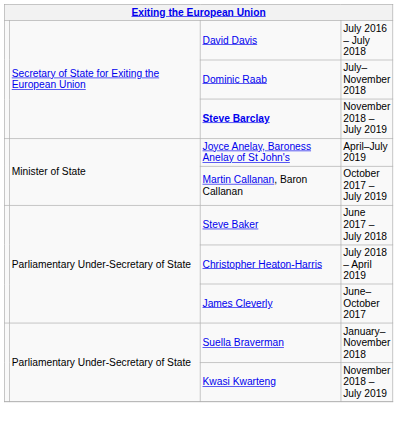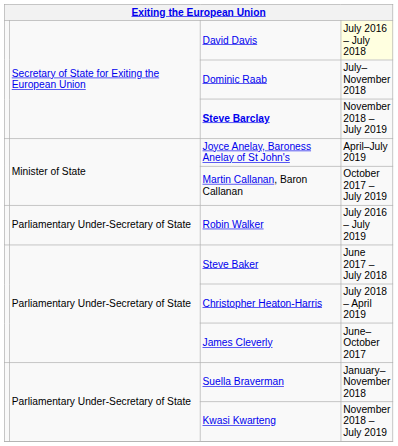 <table class="wikitable">
 <tr>
 <th colspan="4"><a href='#'>Exiting the European Union</a></th>
 </tr>
 <tr>
 <td rowspan="3" style="width: 1px; background: "></td>
 <td rowspan="3" style="width: 450px;"><a href='#'>Secretary of State for Exiting the European Union</a></td>
 <td style="width: 320px;"><a href='#'>David Davis</a></td>
-<td>July 2016 – July 2018</td>
+<td style="background: lightyellow;">July 2016 – July 2018</td>
 </tr>
 <tr>
 <td><a href='#'>Dominic Raab</a></td>
 <td>July–November 2018</td>
 </tr>
 <tr>
 <td><strong><a href='#'>Steve Barclay</a></strong></td>
 <td>November 2018 – July 2019</td>
 </tr>
 <tr>
 <td rowspan="2" style="width: 1px; background: "></td>
 <td rowspan="2">Minister of State</td>
 <td><a href='#'>Joyce Anelay, Baroness Anelay of St John's</a></td>
 <td>April–July 2019</td>
 </tr>
 <tr>
 <td><a href='#'>Martin Callanan</a>, Baron Callanan</td>
 <td>October 2017 – July 2019</td>
+</tr>
+<tr>
+<td style="width: 1px; background: "></td>
+<td>Parliamentary Under-Secretary of State</td>
+<td><a href='#'>Robin Walker</a></td>
+<td>July 2016 – July 2019</td>
 </tr>
 <tr>
 <td rowspan="3" style="width: 1px; background: "></td>
 <td rowspan="3">Parliamentary Under-Secretary of State</td>
 <td><a href='#'>Steve Baker</a></td>
 <td>June 2017 – July 2018</td>
 </tr>
 <tr>
 <td><a href='#'>Christopher Heaton-Harris</a></td>
 <td>July 2018 – April 2019</td>
 </tr>
 <tr>
 <td><a href='#'>James Cleverly</a></td>
 <td>June–October 2017</td>
 </tr>
 <tr>
 <td rowspan="2" style="width: 1px; background: "></td>
 <td rowspan="2">Parliamentary Under-Secretary of State</td>
 <td><a href='#'>Suella Braverman</a></td>
 <td>January–November 2018</td>
 </tr>
 <tr>
 <td><a href='#'>Kwasi Kwarteng</a></td>
 <td>November 2018 – July 2019</td>
 </tr>
 <tr>
 </tr>
 </table>
